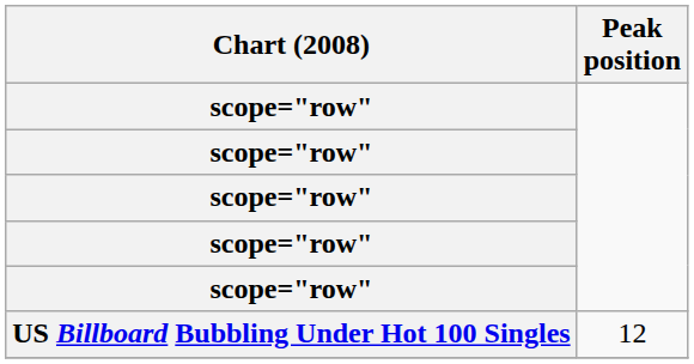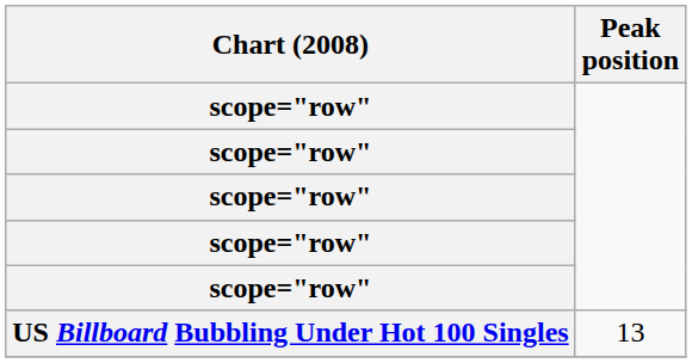 <table class="wikitable plainrowheaders">
 <tr>
 <th>Chart (2008)</th>
 <th>Peak<br>position</th>
 </tr>
 <tr>
 <th>scope="row" </th>
 </tr>
 <tr>
 <th>scope="row" </th>
 </tr>
 <tr>
 <th>scope="row" </th>
 </tr>
 <tr>
 <th>scope="row" </th>
 </tr>
 <tr>
 <th>scope="row" </th>
 </tr>
 <tr>
 <th scope="row">US <em><a href='#'>Billboard</a></em> <a href='#'>Bubbling Under Hot 100 Singles</a></th>
-<td style="text-align:center;">12</td>
+<td style="text-align:center;">13</td>
 </tr>
 <tr>
 </tr>
 </table>
